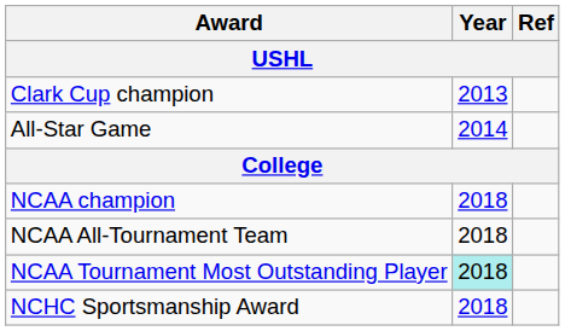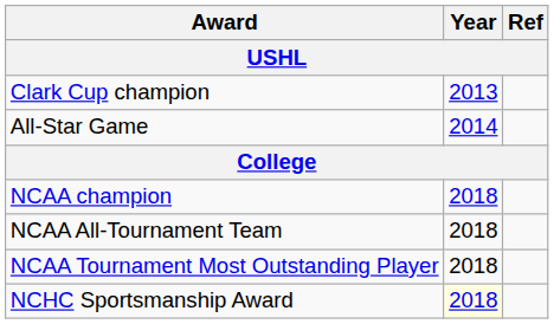 <table class="wikitable">
 <tr>
 <th>Award</th>
 <th>Year</th>
 <th>Ref</th>
 </tr>
 <tr>
 <th colspan="3"><a href='#'>USHL</a></th>
 </tr>
 <tr>
 <td><a href='#'>Clark Cup</a> champion</td>
 <td><a href='#'>2013</a></td>
 <td></td>
 </tr>
 <tr>
 <td>All-Star Game</td>
 <td><a href='#'>2014</a></td>
 <td></td>
 </tr>
 <tr>
 <th colspan="3"><a href='#'>College</a></th>
 </tr>
 <tr>
 <td><a href='#'>NCAA champion</a></td>
 <td><a href='#'>2018</a></td>
 <td></td>
 </tr>
 <tr>
 <td>NCAA All-Tournament Team</td>
 <td>2018</td>
 <td></td>
 </tr>
 <tr>
 <td><a href='#'>NCAA Tournament Most Outstanding Player</a></td>
-<td style="background: paleturquoise;">2018</td>
+<td>2018</td>
 <td></td>
 </tr>
 <tr>
 <td><a href='#'>NCHC</a> Sportsmanship Award</td>
-<td><a href='#'>2018</a></td>
+<td style="background: lightyellow;"><a href='#'>2018</a></td>
 <td></td>
 </tr>
 </table>
